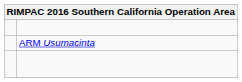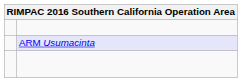 <table class="wikitable collapsible collapsed">
 <tr>
 <th colspan="2">RIMPAC 2016 Southern California Operation Area</th>
 </tr>
 <tr>
 <td></td>
 <td><br></td>
 </tr>
 <tr>
 <td></td>
-<td><a href='#'>ARM <em>Usumacinta</em></a></td>
+<td style="background: lavender;"><a href='#'>ARM <em>Usumacinta</em></a></td>
 </tr>
 <tr>
 <td></td>
 <td><br><br></td>
 </tr>
 </table>
